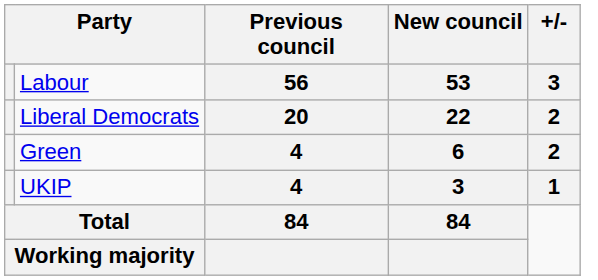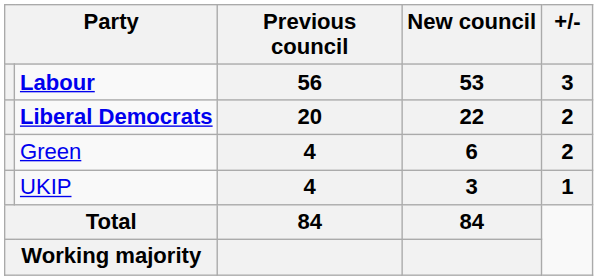 <table class="wikitable">
 <tr>
 <th valign=top colspan="2" style="width: 100px">Party</th>
 <th valign=top style="width: 126px">Previous council</th>
 <th valign=top style="width: 94px">New council</th>
 <th valign=top style="width: 30px">+/-</th>
 </tr>
 <tr>
 <th style="background-color: "></th>
-<td><a href='#'>Labour</a></td>
+<td><strong><a href='#'>Labour</a></strong></td>
 <th align=center>56</th>
 <th align=center>53</th>
 <th align=center>3</th>
 </tr>
 <tr>
 <th style="background-color: "></th>
-<td><a href='#'>Liberal Democrats</a></td>
+<td><strong><a href='#'>Liberal Democrats</a></strong></td>
 <th align=center>20</th>
 <th align=center>22</th>
 <th align=center>2</th>
 </tr>
 <tr>
 <th style="background-color: "></th>
 <td><a href='#'>Green</a></td>
 <th align=center>4</th>
 <th align=center>6</th>
 <th align=center>2</th>
 </tr>
 <tr>
 <th style="background-color: "></th>
 <td><a href='#'>UKIP</a></td>
 <th align=center>4</th>
 <th align=center>3</th>
 <th align=center>1</th>
 </tr>
 <tr>
 <th colspan=2>Total</th>
 <th style="text-align: center">84</th>
 <th style="text-align: center">84</th>
 </tr>
 <tr>
 <th colspan=2>Working majority</th>
 <th></th>
 <th></th>
 </tr>
 </table>
